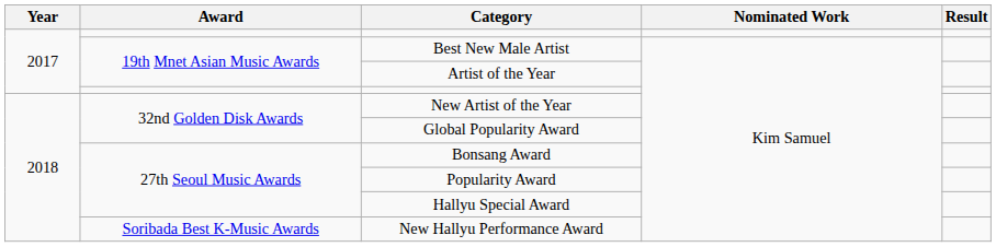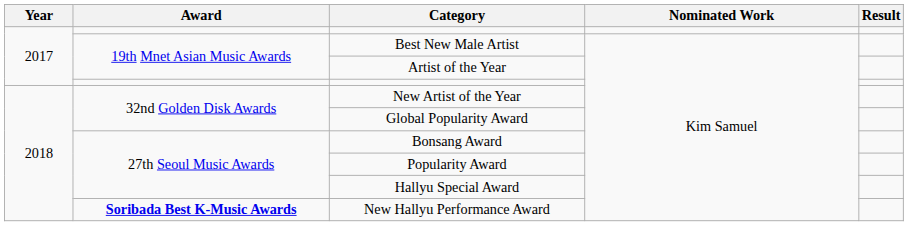 <table class="wikitable">
 <tr>
 <th style="width:70px">Year</th>
 <th width="280">Award</th>
 <th width="280">Category</th>
 <th width="300">Nominated Work</th>
 <th scope="col">Result</th>
 </tr>
 <tr>
 <td rowspan="4" style="text-align:center">2017</td>
 <td></td>
 <td></td>
 <td></td>
 <td></td>
 </tr>
 <tr>
 <td rowspan="2" style="text-align:center"><a href='#'>19th</a> <a href='#'>Mnet Asian Music Awards</a></td>
 <td style="text-align:center">Best New Male Artist</td>
 <td rowspan="9" style="text-align:center">Kim Samuel</td>
 <td></td>
 </tr>
 <tr>
 <td style="text-align:center">Artist of the Year</td>
 <td></td>
 </tr>
 <tr>
 <td></td>
 <td></td>
 <td></td>
 </tr>
 <tr>
 <td rowspan="6" style="text-align:center">2018</td>
 <td rowspan="2" style="text-align:center">32nd <a href='#'>Golden Disk Awards</a></td>
 <td style="text-align:center">New Artist of the Year</td>
 <td></td>
 </tr>
 <tr>
 <td style="text-align:center">Global Popularity Award</td>
 <td></td>
 </tr>
 <tr>
 <td rowspan="3" style="text-align:center">27th <a href='#'>Seoul Music Awards</a></td>
 <td style="text-align:center">Bonsang Award</td>
 <td></td>
 </tr>
 <tr>
 <td style="text-align:center">Popularity Award</td>
 <td></td>
 </tr>
 <tr>
 <td style="text-align:center">Hallyu Special Award</td>
 <td></td>
 </tr>
 <tr>
-<td style="text-align:center"><a href='#'>Soribada Best K-Music Awards</a></td>
+<td style="text-align:center"><strong><a href='#'>Soribada Best K-Music Awards</a></strong></td>
 <td style="text-align:center">New Hallyu Performance Award</td>
 <td></td>
 </tr>
 </table>
